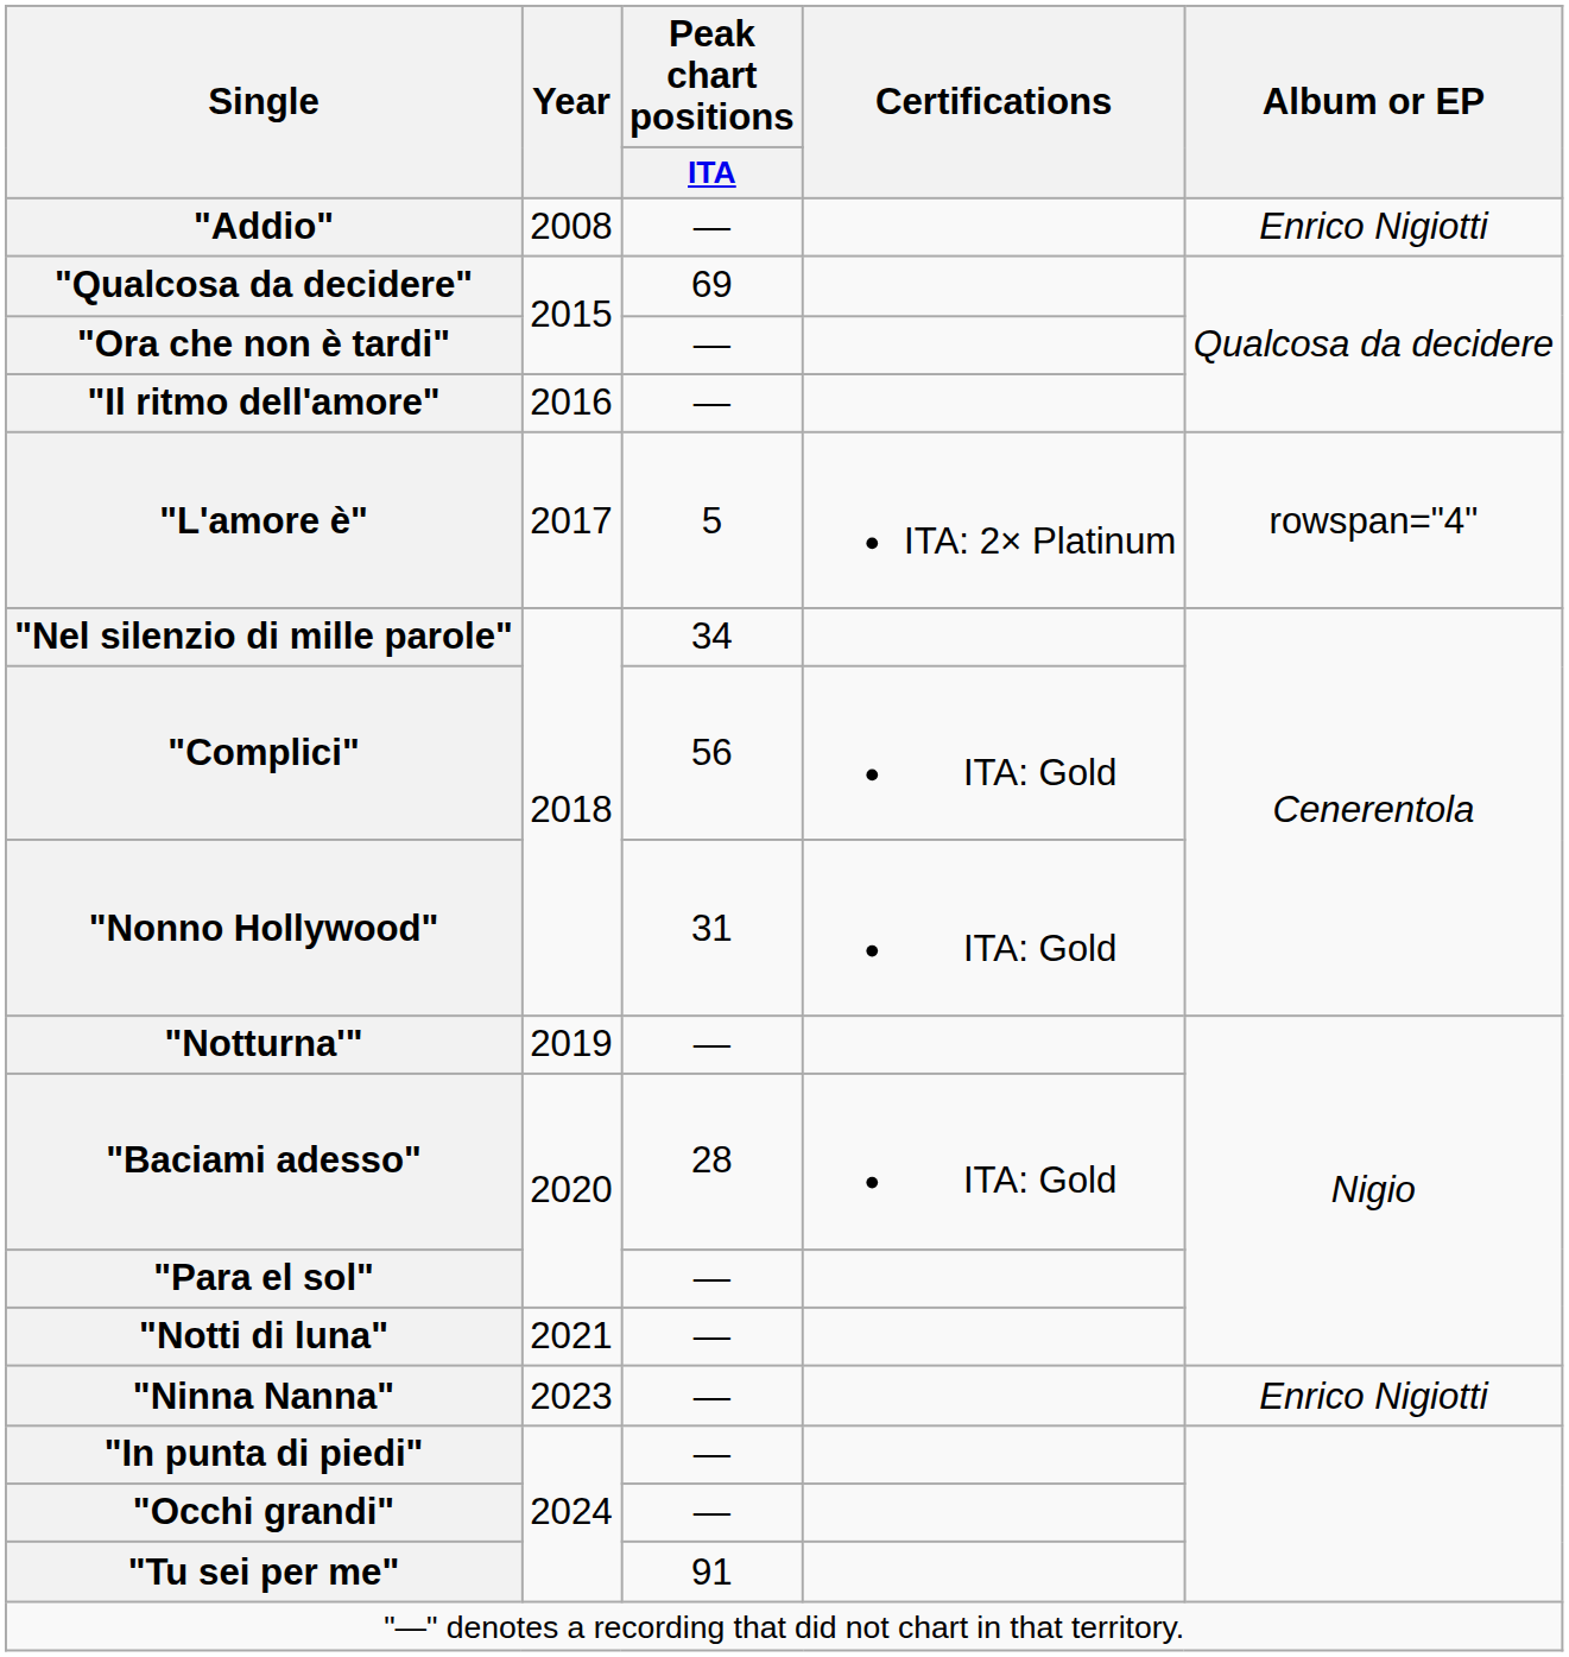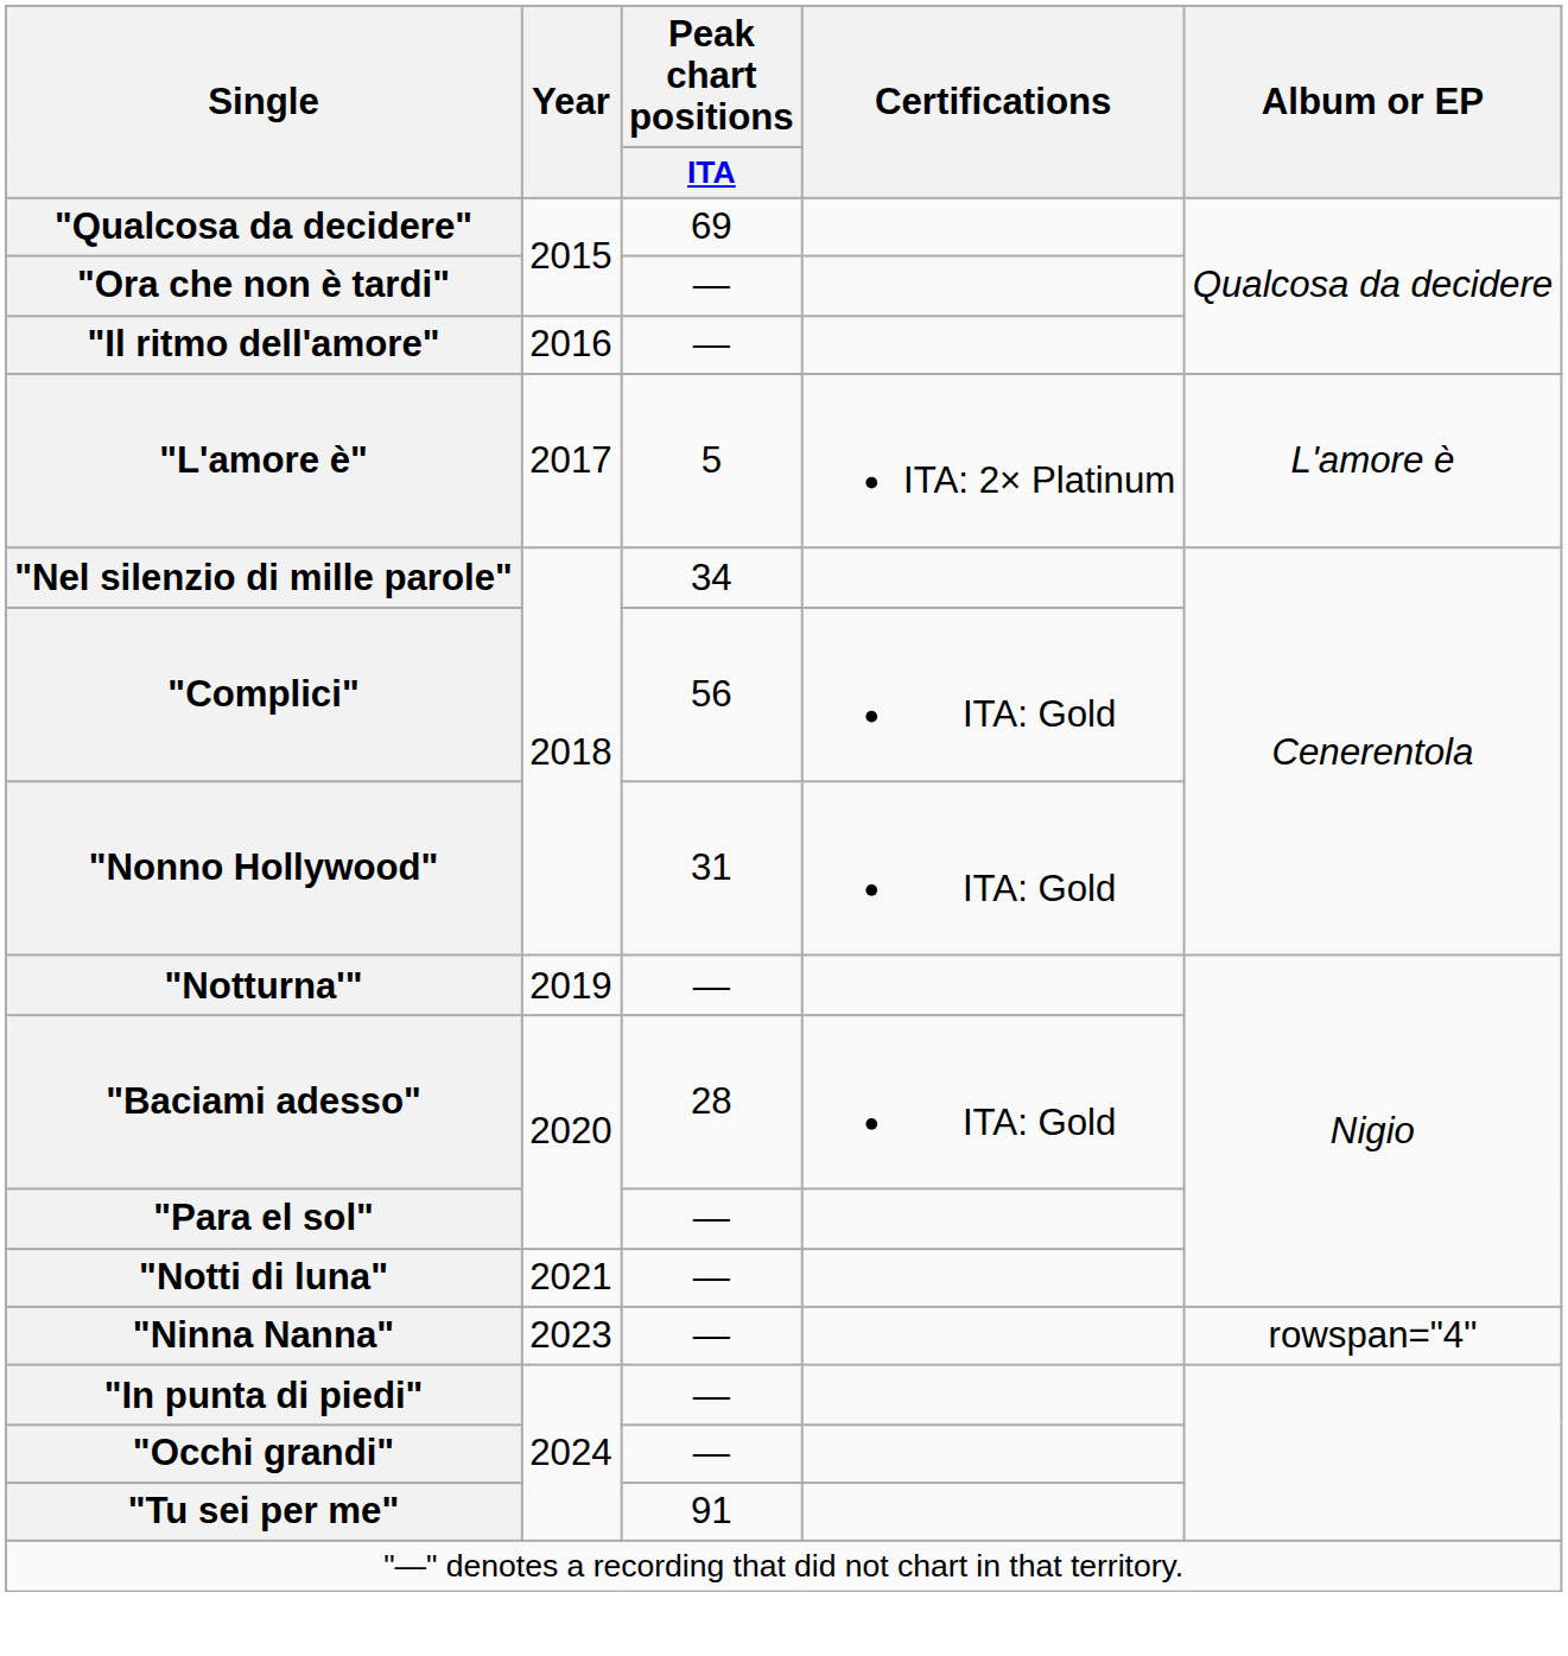 <table class="wikitable plainrowheaders" border="1" style="text-align:center;">
 <tr>
 <th rowspan="2" scope="col">Single</th>
 <th rowspan="2" scope="col">Year</th>
 <th colspan="1" scope="col">Peak chart positions</th>
 <th rowspan="2" scope="col">Certifications</th>
 <th rowspan="2" scope="col">Album or EP</th>
 </tr>
 <tr>
 <th scope="col" style="width:3em;font-size:85%;"><a href='#'>ITA</a><br></th>
-</tr>
-<tr>
-<th scope="row">"Addio"</th>
-<td>2008</td>
-<td>—</td>
-<td></td>
-<td><em>Enrico Nigiotti</em></td>
 </tr>
 <tr>
 <th scope="row">"Qualcosa da decidere"</th>
 <td rowspan="2">2015</td>
 <td>69</td>
 <td></td>
 <td rowspan="3"><em>Qualcosa da decidere</em></td>
 </tr>
 <tr>
 <th scope="row">"Ora che non è tardi"</th>
 <td>—</td>
 <td></td>
 </tr>
 <tr>
 <th scope="row">"Il ritmo dell'amore"</th>
 <td>2016</td>
 <td>—</td>
 <td></td>
 </tr>
 <tr>
 <th scope="row">"L'amore è"</th>
 <td>2017</td>
 <td>5</td>
 <td><br><ul><li>ITA: 2× Platinum</li></ul></td>
-<td>rowspan="4" </td>
+<td><em>L'amore è</em></td>
 </tr>
 <tr>
 <th scope="row">"Nel silenzio di mille parole"</th>
 <td rowspan="3">2018</td>
 <td>34</td>
 <td></td>
 <td rowspan="3"><em>Cenerentola</em></td>
 </tr>
 <tr>
 <th scope="row">"Complici"</th>
 <td>56</td>
 <td><br><ul><li>ITA: Gold</li></ul></td>
 </tr>
 <tr>
 <th scope="row">"Nonno Hollywood"</th>
 <td>31</td>
 <td><br><ul><li>ITA: Gold</li></ul></td>
 </tr>
 <tr>
 <th scope="row">"Notturna'"</th>
 <td>2019</td>
 <td>—</td>
 <td></td>
 <td rowspan="4"><em>Nigio</em></td>
 </tr>
 <tr>
 <th scope="row">"Baciami adesso"</th>
 <td rowspan="2">2020</td>
 <td>28</td>
 <td><br><ul><li>ITA: Gold</li></ul></td>
 </tr>
 <tr>
 <th scope="row">"Para el sol"</th>
 <td>—</td>
 <td></td>
 </tr>
 <tr>
 <th scope="row">"Notti di luna"</th>
 <td>2021</td>
 <td>—</td>
 <td></td>
 </tr>
 <tr>
 <th scope="row">"Ninna Nanna"</th>
 <td>2023</td>
 <td>—</td>
 <td></td>
-<td><em>Enrico Nigiotti</em></td>
+<td>rowspan="4" </td>
 </tr>
 <tr>
 <th scope="row">"In punta di piedi"</th>
 <td rowspan="3">2024</td>
 <td>—</td>
 <td></td>
 </tr>
 <tr>
 <th scope="row">"Occhi grandi"</th>
 <td>—</td>
 <td></td>
 </tr>
 <tr>
 <th scope="row">"Tu sei per me"</th>
 <td>91</td>
 <td style="text-align:left;"></td>
 </tr>
 <tr>
 <td colspan="5" style="text-align:center; font-size:85%;">"—" denotes a recording that did not chart in that territory.</td>
 </tr>
 </table>
